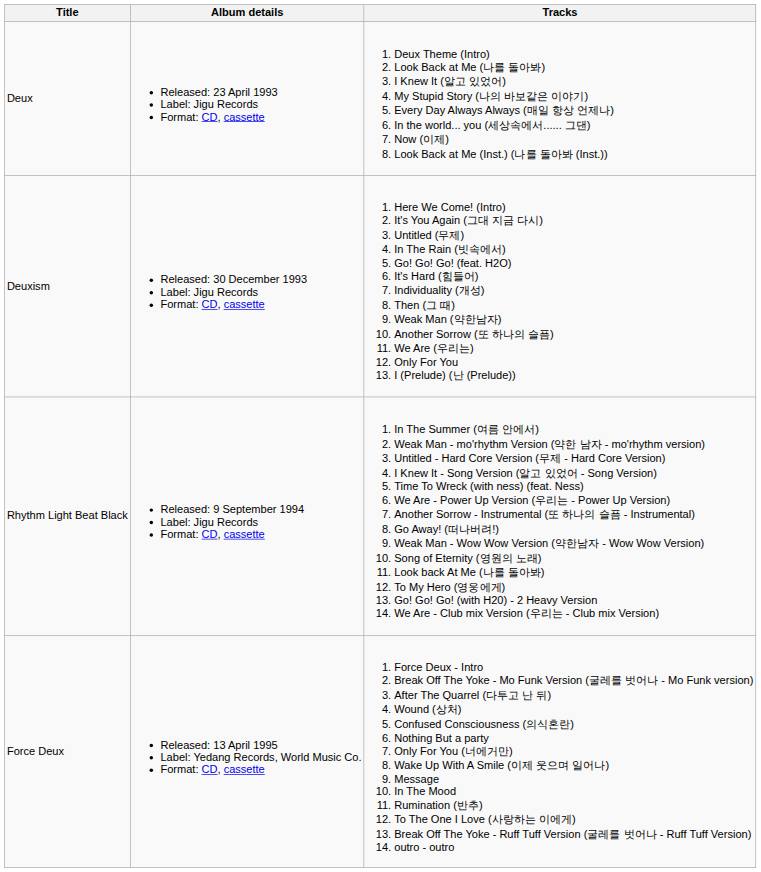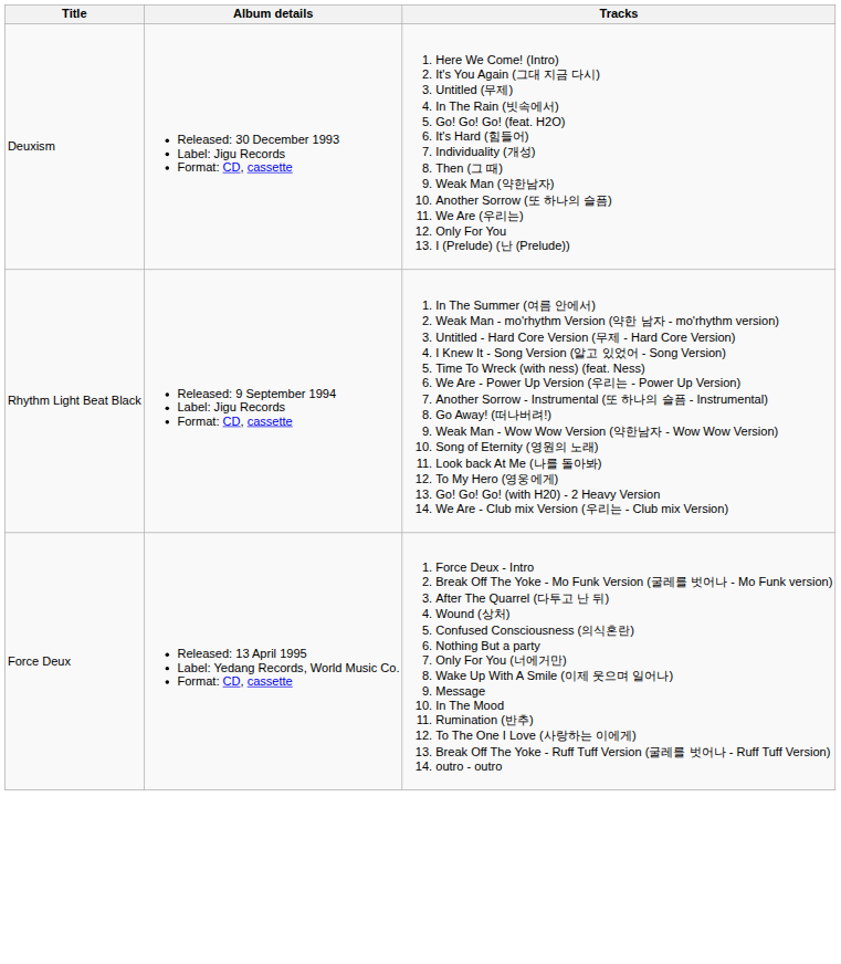 <table class="wikitable">
 <tr>
 <th>Title</th>
 <th>Album details</th>
 <th>Tracks</th>
-</tr>
-<tr>
-<td>Deux</td>
-<td><br><ul><li>Released: 23 April 1993</li><li>Label: Jigu Records</li><li>Format: <a href='#'>CD</a>, <a href='#'>cassette</a></li></ul></td>
-<td><br><ol><li>Deux Theme (Intro)</li><li>Look Back at Me (나를 돌아봐)</li><li>I Knew It (알고 있었어)</li><li>My Stupid Story (나의 바보같은 이야기)</li><li>Every Day Always Always (매일 항상 언제나)</li><li>In the world... you (세상속에서...... 그댄)</li><li>Now (이제)</li><li>Look Back at Me (Inst.) (나를 돌아봐 (Inst.))</li></ol></td>
 </tr>
 <tr>
 <td>Deuxism</td>
 <td><br><ul><li>Released: 30 December 1993</li><li>Label: Jigu Records</li><li>Format: <a href='#'>CD</a>, <a href='#'>cassette</a></li></ul></td>
 <td><br><ol><li>Here We Come! (Intro)</li><li>It's You Again (그대 지금 다시)</li><li>Untitled (무제)</li><li>In The Rain (빗속에서)</li><li>Go! Go! Go! (feat. H2O)</li><li>It's Hard (힘들어)</li><li>Individuality (개성)</li><li>Then (그 때)</li><li>Weak Man (약한남자)</li><li>Another Sorrow (또 하나의 슬픔)</li><li>We Are (우리는)</li><li>Only For You</li><li>I (Prelude) (난 (Prelude))</li></ol></td>
 </tr>
 <tr>
 <td>Rhythm Light Beat Black</td>
 <td><br><ul><li>Released: 9 September 1994</li><li>Label: Jigu Records</li><li>Format: <a href='#'>CD</a>, <a href='#'>cassette</a></li></ul></td>
 <td><br><ol><li>In The Summer (여름 안에서)</li><li>Weak Man - mo'rhythm Version (약한 남자 - mo'rhythm version)</li><li>Untitled - Hard Core Version (무제 - Hard Core Version)</li><li>I Knew It - Song Version (알고 있었어 - Song Version)</li><li>Time To Wreck (with ness) (feat. Ness)</li><li>We Are - Power Up Version (우리는 - Power Up Version)</li><li>Another Sorrow - Instrumental (또 하나의 슬픔 - Instrumental)</li><li>Go Away! (떠나버려!)</li><li>Weak Man - Wow Wow Version (약한남자 - Wow Wow Version)</li><li>Song of Eternity (영원의 노래)</li><li>Look back At Me (나를 돌아봐)</li><li>To My Hero (영웅에게)</li><li>Go! Go! Go! (with H20) - 2 Heavy Version</li><li>We Are - Club mix Version (우리는 - Club mix Version)</li></ol></td>
 </tr>
 <tr>
 <td>Force Deux</td>
 <td><br><ul><li>Released: 13 April 1995</li><li>Label: Yedang Records, World Music Co.</li><li>Format: <a href='#'>CD</a>, <a href='#'>cassette</a></li></ul></td>
 <td><br><ol><li>Force Deux - Intro</li><li>Break Off The Yoke - Mo Funk Version (굴레를 벗어나 - Mo Funk version)</li><li>After The Quarrel (다투고 난 뒤)</li><li>Wound (상처)</li><li>Confused Consciousness (의식혼란)</li><li>Nothing But a party</li><li>Only For You (너에거만)</li><li>Wake Up With A Smile (이제 웃으며 일어나)</li><li>Message</li><li>In The Mood</li><li>Rumination (반추)</li><li>To The One I Love (사랑하는 이에게)</li><li>Break Off The Yoke - Ruff Tuff Version (굴레를 벗어나 - Ruff Tuff Version)</li><li>outro - outro</li></ol></td>
 </tr>
 </table>
